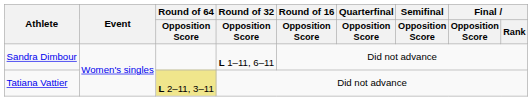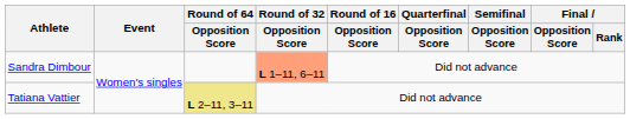 <table class=wikitable style="font-size:90%">
 <tr>
 <th rowspan="2">Athlete</th>
 <th rowspan="2">Event</th>
 <th>Round of 64</th>
 <th>Round of 32</th>
 <th>Round of 16</th>
 <th>Quarterfinal</th>
 <th>Semifinal</th>
 <th colspan=2>Final / </th>
 </tr>
 <tr style="font-size:95%">
 <th>Opposition<br>Score</th>
 <th>Opposition<br>Score</th>
 <th>Opposition<br>Score</th>
 <th>Opposition<br>Score</th>
 <th>Opposition<br>Score</th>
 <th>Opposition<br>Score</th>
 <th>Rank</th>
 </tr>
 <tr>
 <td align=left><a href='#'>Sandra Dimbour</a></td>
 <td rowspan="2" align=left><a href='#'>Women's singles</a></td>
 <td></td>
-<td align=center><br><strong>L</strong> 1–11, 6–11</td>
+<td align=center style="background: lightsalmon;"><br><strong>L</strong> 1–11, 6–11</td>
 <td align=center colspan="5">Did not advance</td>
 </tr>
 <tr>
 <td align=left><a href='#'>Tatiana Vattier</a></td>
 <td align=center style="background: khaki;"><br><strong>L</strong> 2–11, 3–11</td>
 <td align=center colspan="6">Did not advance</td>
 </tr>
 </table>
